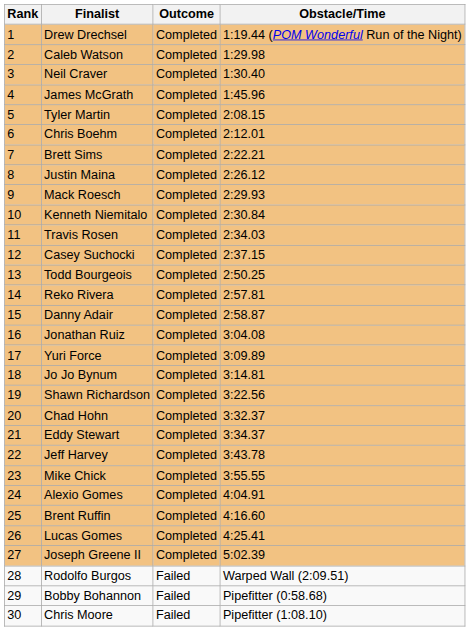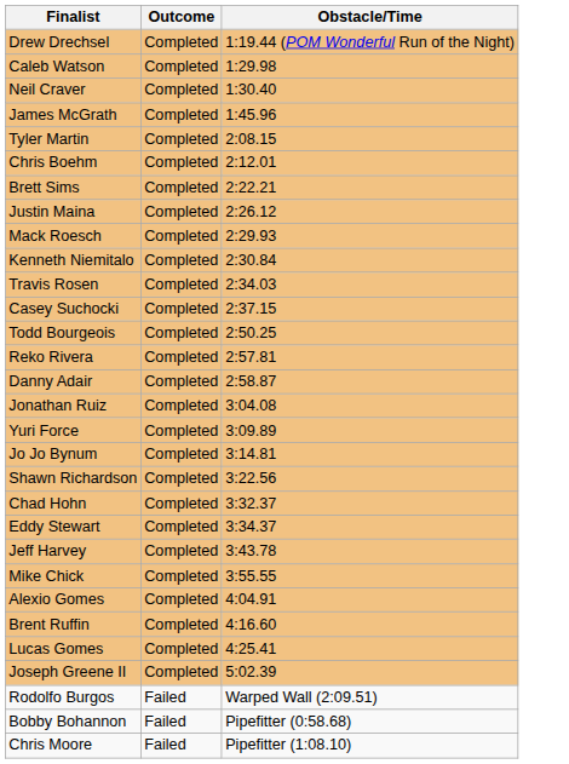 <table class="wikitable">
 <tr>
-<th>Rank</th>
 <th>Finalist</th>
 <th>Outcome</th>
 <th>Obstacle/Time</th>
 </tr>
 <tr style="background-color:#f2c282">
-<td>1</td>
 <td>Drew Drechsel</td>
 <td>Completed</td>
 <td>1:19.44 (<em><a href='#'>POM Wonderful</a></em> Run of the Night)</td>
 </tr>
 <tr style="background-color:#f2c282">
-<td>2</td>
 <td>Caleb Watson</td>
 <td>Completed</td>
 <td>1:29.98</td>
 </tr>
 <tr style="background-color:#f2c282">
-<td>3</td>
 <td>Neil Craver</td>
 <td>Completed</td>
 <td>1:30.40</td>
 </tr>
 <tr style="background-color:#f2c282">
-<td>4</td>
 <td>James McGrath</td>
 <td>Completed</td>
 <td>1:45.96</td>
 </tr>
 <tr style="background-color:#f2c282">
-<td>5</td>
 <td>Tyler Martin</td>
 <td>Completed</td>
 <td>2:08.15</td>
 </tr>
 <tr style="background-color:#f2c282">
-<td>6</td>
 <td>Chris Boehm</td>
 <td>Completed</td>
 <td>2:12.01</td>
 </tr>
 <tr style="background-color:#f2c282">
-<td>7</td>
 <td>Brett Sims</td>
 <td>Completed</td>
 <td>2:22.21</td>
 </tr>
 <tr style="background-color:#f2c282">
-<td>8</td>
 <td>Justin Maina</td>
 <td>Completed</td>
 <td>2:26.12</td>
 </tr>
 <tr style="background-color:#f2c282">
-<td>9</td>
 <td>Mack Roesch</td>
 <td>Completed</td>
 <td>2:29.93</td>
 </tr>
 <tr style="background-color:#f2c282">
-<td>10</td>
 <td>Kenneth Niemitalo</td>
 <td>Completed</td>
 <td>2:30.84</td>
 </tr>
 <tr style="background-color:#f2c282">
-<td>11</td>
 <td>Travis Rosen</td>
 <td>Completed</td>
 <td>2:34.03</td>
 </tr>
 <tr style="background-color:#f2c282">
-<td>12</td>
 <td>Casey Suchocki</td>
 <td>Completed</td>
 <td>2:37.15</td>
 </tr>
 <tr style="background-color:#f2c282">
-<td>13</td>
 <td>Todd Bourgeois</td>
 <td>Completed</td>
 <td>2:50.25</td>
 </tr>
 <tr style="background-color:#f2c282">
-<td>14</td>
 <td>Reko Rivera</td>
 <td>Completed</td>
 <td>2:57.81</td>
 </tr>
 <tr style="background-color:#f2c282">
-<td>15</td>
 <td>Danny Adair</td>
 <td>Completed</td>
 <td>2:58.87</td>
 </tr>
 <tr style="background-color:#f2c282">
-<td>16</td>
 <td>Jonathan Ruiz</td>
 <td>Completed</td>
 <td>3:04.08</td>
 </tr>
 <tr style="background-color:#f2c282">
-<td>17</td>
 <td>Yuri Force</td>
 <td>Completed</td>
 <td>3:09.89</td>
 </tr>
 <tr style="background-color:#f2c282">
-<td>18</td>
 <td>Jo Jo Bynum</td>
 <td>Completed</td>
 <td>3:14.81</td>
 </tr>
 <tr style="background-color:#f2c282">
-<td>19</td>
 <td>Shawn Richardson</td>
 <td>Completed</td>
 <td>3:22.56</td>
 </tr>
 <tr style="background-color:#f2c282">
-<td>20</td>
 <td>Chad Hohn</td>
 <td>Completed</td>
 <td>3:32.37</td>
 </tr>
 <tr style="background-color:#f2c282">
-<td>21</td>
 <td>Eddy Stewart</td>
 <td>Completed</td>
 <td>3:34.37</td>
 </tr>
 <tr style="background-color:#f2c282">
-<td>22</td>
 <td>Jeff Harvey</td>
 <td>Completed</td>
 <td>3:43.78</td>
 </tr>
 <tr style="background-color:#f2c282">
-<td>23</td>
 <td>Mike Chick</td>
 <td>Completed</td>
 <td>3:55.55</td>
 </tr>
 <tr style="background-color:#f2c282">
-<td>24</td>
 <td>Alexio Gomes</td>
 <td>Completed</td>
 <td>4:04.91</td>
 </tr>
 <tr style="background-color:#f2c282">
-<td>25</td>
 <td>Brent Ruffin</td>
 <td>Completed</td>
 <td>4:16.60</td>
 </tr>
 <tr style="background-color:#f2c282">
-<td>26</td>
 <td>Lucas Gomes</td>
 <td>Completed</td>
 <td>4:25.41</td>
 </tr>
 <tr style="background-color:#f2c282">
-<td>27</td>
 <td>Joseph Greene II</td>
 <td>Completed</td>
 <td>5:02.39</td>
 </tr>
 <tr>
-<td>28</td>
 <td>Rodolfo Burgos</td>
 <td>Failed</td>
 <td>Warped Wall (2:09.51)</td>
 </tr>
 <tr>
-<td>29</td>
 <td>Bobby Bohannon</td>
 <td>Failed</td>
 <td>Pipefitter (0:58.68)</td>
 </tr>
 <tr>
-<td>30</td>
 <td>Chris Moore</td>
 <td>Failed</td>
 <td>Pipefitter (1:08.10)</td>
 </tr>
 </table>
